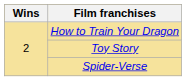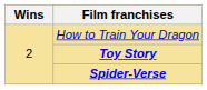 <table class="wikitable floatleft" rowspan=4 style="text-align: center; background: #f6e39c">
 <tr>
 <th scope="col" style="width:55px;">Wins</th>
 <th scope="col" style="text-align:center;">Film franchises</th>
 </tr>
 <tr>
 <td rowspan="3" scope=row style="text-align:center">2</td>
 <td><em><a href='#'>How to Train Your Dragon</a></em></td>
 </tr>
 <tr>
-<td><a href='#'><em>Toy Story</em></a></td>
+<td><strong><a href='#'><em>Toy Story</em></a></strong></td>
 </tr>
 <tr>
-<td><a href='#'><em>Spider-Verse</em></a></td>
+<td><strong><a href='#'><em>Spider-Verse</em></a></strong></td>
 </tr>
 </table>
